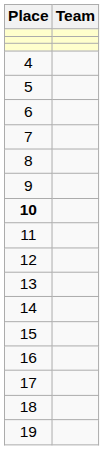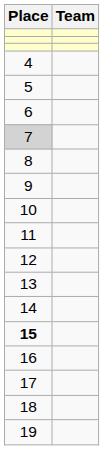 <table class="wikitable">
 <tr>
 <th>Place</th>
 <th>Team</th>
 </tr>
 <tr bgcolor=#ffffcc>
 <td align=center></td>
 <td></td>
 </tr>
 <tr bgcolor=#ffffcc>
 <td align=center></td>
 <td></td>
 </tr>
 <tr bgcolor=#ffffcc>
 <td align=center></td>
 <td></td>
 </tr>
 <tr>
 <td align=center>4</td>
 <td></td>
 </tr>
 <tr>
 <td align=center>5</td>
 <td></td>
 </tr>
 <tr>
 <td align=center>6</td>
 <td></td>
 </tr>
 <tr>
-<td align=center>7</td>
+<td align=center style="background: lightgrey;">7</td>
 <td></td>
 </tr>
 <tr>
 <td align=center>8</td>
 <td></td>
 </tr>
 <tr>
 <td align=center>9</td>
 <td></td>
 </tr>
 <tr>
-<td align=center><strong>10</strong></td>
+<td align=center>10</td>
 <td></td>
 </tr>
 <tr>
 <td align=center>11</td>
 <td></td>
 </tr>
 <tr>
 <td align=center>12</td>
 <td></td>
 </tr>
 <tr>
 <td align=center>13</td>
 <td></td>
 </tr>
 <tr>
 <td align=center>14</td>
 <td></td>
 </tr>
 <tr>
-<td align=center>15</td>
+<td align=center><strong>15</strong></td>
 <td></td>
 </tr>
 <tr>
 <td align=center>16</td>
 <td></td>
 </tr>
 <tr>
 <td align=center>17</td>
 <td></td>
 </tr>
 <tr>
 <td align=center>18</td>
 <td></td>
 </tr>
 <tr>
 <td align=center>19</td>
 <td></td>
 </tr>
 </table>
